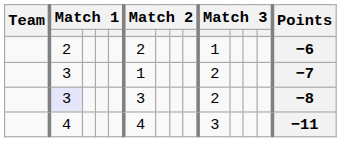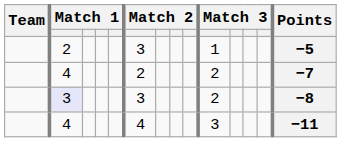 <table class="wikitable sortable" style="text-align:center;">
 <tr>
 <th rowspan=2>Team</th>
 <th colspan=4 style="border-left:3px solid gray">Match 1</th>
 <th colspan=4 style="border-left:3px solid gray">Match 2</th>
 <th colspan=4 style="border-left:3px solid gray">Match 3</th>
 <th rowspan=2 style="border-left:3px solid gray">Points</th>
 </tr>
 <tr>
 <th style="border-left:3px solid gray"></th>
 <th></th>
 <th></th>
 <th></th>
 <th style="border-left:3px solid gray"></th>
 <th></th>
 <th></th>
 <th></th>
 <th style="border-left:3px solid gray"></th>
 <th></th>
 <th></th>
 <th></th>
 </tr>
 <tr>
 <td align=left></td>
 <td style="border-left:3px solid gray">2</td>
 <td></td>
 <td></td>
 <td></td>
-<td style="border-left:3px solid gray">2</td>
+<td style="border-left:3px solid gray">3</td>
 <td></td>
 <td></td>
 <td></td>
 <td style="border-left:3px solid gray">1</td>
 <td></td>
 <td></td>
 <td></td>
-<th style="border-left:3px solid gray">−6</th>
+<th style="border-left:3px solid gray">−5</th>
 </tr>
 <tr>
 <td align=left></td>
-<td style="border-left:3px solid gray">3</td>
+<td style="border-left:3px solid gray">4</td>
 <td></td>
 <td></td>
 <td></td>
-<td style="border-left:3px solid gray">1</td>
+<td style="border-left:3px solid gray">2</td>
 <td></td>
 <td></td>
 <td></td>
 <td style="border-left:3px solid gray">2</td>
 <td></td>
 <td></td>
 <td></td>
 <th style="border-left:3px solid gray">−7</th>
 </tr>
 <tr>
 <td align=left></td>
 <td style="background: lavender; border-left:3px solid gray">3</td>
 <td></td>
 <td></td>
 <td></td>
 <td style="border-left:3px solid gray">3</td>
 <td></td>
 <td></td>
 <td></td>
 <td style="border-left:3px solid gray">2</td>
 <td></td>
 <td></td>
 <td></td>
 <th style="border-left:3px solid gray">−8</th>
 </tr>
 <tr>
 <td align=left></td>
 <td style="border-left:3px solid gray">4</td>
 <td></td>
 <td></td>
 <td></td>
 <td style="border-left:3px solid gray">4</td>
 <td></td>
 <td></td>
 <td></td>
 <td style="border-left:3px solid gray">3</td>
 <td></td>
 <td></td>
 <td></td>
 <th style="border-left:3px solid gray">−11</th>
 </tr>
 </table>
